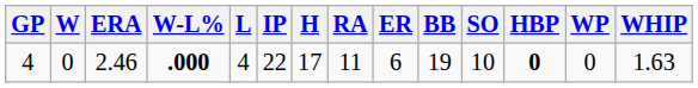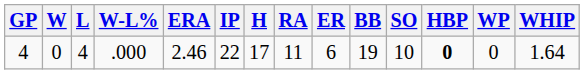 <table class="wikitable">
 <tr>
 <th><a href='#'>GP</a></th>
 <th><a href='#'>W</a></th>
+<th><a href='#'>L</a></th>
+<th><a href='#'>W-L%</a></th>
 <th><a href='#'>ERA</a></th>
-<th><a href='#'>W-L%</a></th>
-<th><a href='#'>L</a></th>
 <th><a href='#'>IP</a></th>
 <th><a href='#'>H</a></th>
 <th><a href='#'>RA</a></th>
 <th><a href='#'>ER</a></th>
 <th><a href='#'>BB</a></th>
 <th><a href='#'>SO</a></th>
 <th><a href='#'>HBP</a></th>
 <th><a href='#'>WP</a></th>
 <th><a href='#'>WHIP</a></th>
 </tr>
 <tr align=center>
 <td>4</td>
 <td>0</td>
+<td>4</td>
+<td>.000</td>
 <td>2.46</td>
-<td><strong>.000</strong></td>
-<td>4</td>
 <td>22</td>
 <td>17</td>
 <td>11</td>
 <td>6</td>
 <td>19</td>
 <td>10</td>
 <td><strong>0</strong></td>
 <td>0</td>
-<td>1.63</td>
+<td>1.64</td>
 </tr>
 </table>
